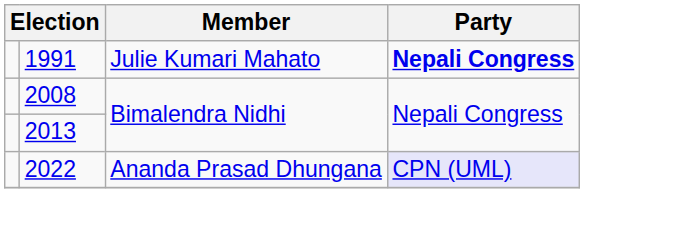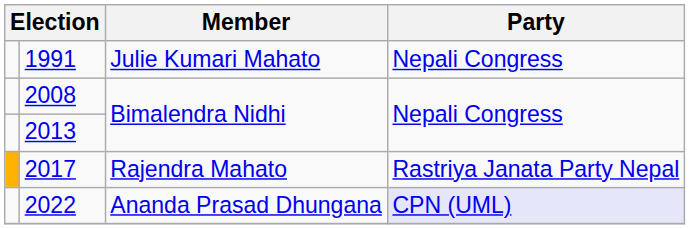 <table class="wikitable">
 <tr>
 <th colspan="2">Election</th>
 <th>Member</th>
 <th>Party</th>
 </tr>
 <tr>
 <td style="background-color:"></td>
 <td><a href='#'>1991</a></td>
 <td><a href='#'>Julie Kumari Mahato</a></td>
-<td><strong><a href='#'>Nepali Congress</a></strong></td>
+<td><a href='#'>Nepali Congress</a></td>
 </tr>
 <tr>
 <td style="background-color:"></td>
 <td><a href='#'>2008</a></td>
 <td rowspan="2"><a href='#'>Bimalendra Nidhi</a></td>
 <td rowspan="2"><a href='#'>Nepali Congress</a></td>
 </tr>
 <tr>
 <td style="background-color:"></td>
 <td><a href='#'>2013</a></td>
 </tr>
 <tr>
+<td style="background-color:#ffb300"></td>
+<td><a href='#'>2017</a></td>
+<td><a href='#'>Rajendra Mahato</a></td>
+<td><a href='#'>Rastriya Janata Party Nepal</a></td>
+</tr>
+<tr>
 <td></td>
 <td><a href='#'>2022</a></td>
 <td><a href='#'>Ananda Prasad Dhungana</a></td>
 <td style="background: lavender;"><a href='#'>CPN (UML)</a></td>
 </tr>
 <tr>
 </tr>
 </table>
